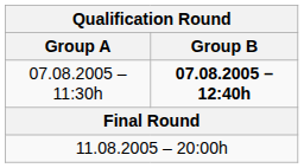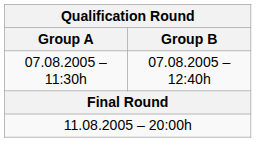 <table class="wikitable" style=" text-align:center; font-size:110%;" width="35%">
 <tr>
 <th colspan="2">Qualification Round</th>
 </tr>
 <tr>
 <th>Group A</th>
 <th>Group B</th>
 </tr>
 <tr>
 <td>07.08.2005 – 11:30h</td>
-<td><strong>07.08.2005 – 12:40h</strong></td>
+<td>07.08.2005 – 12:40h</td>
 </tr>
 <tr>
 <th colspan="2">Final Round</th>
 </tr>
 <tr>
 <td colspan="2">11.08.2005 – 20:00h</td>
 </tr>
 </table>
